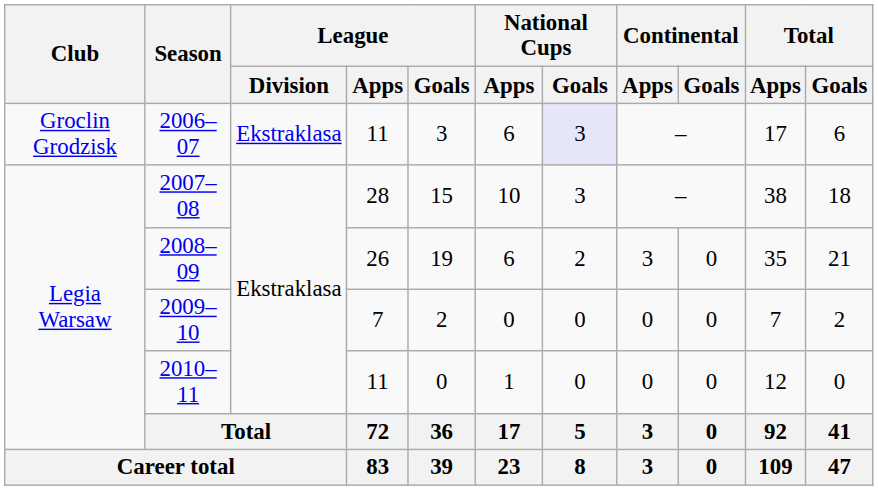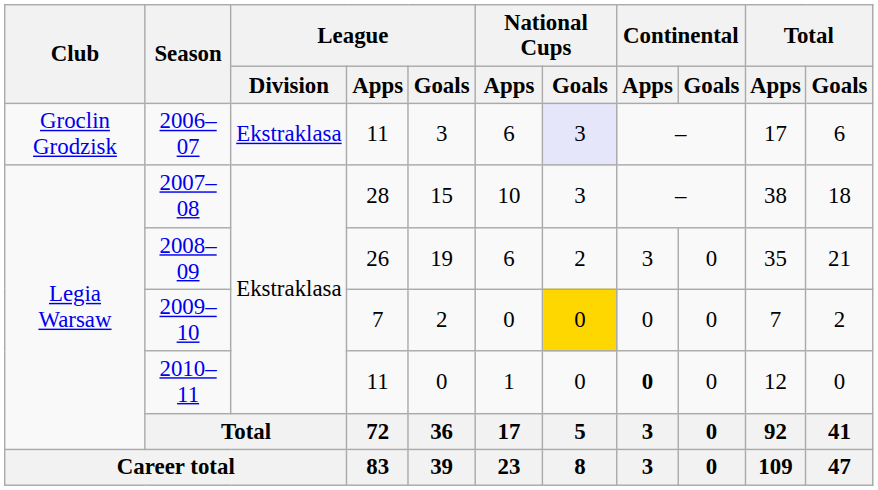 <table class="wikitable" style="text-align:center">
 <tr>
 <th rowspan="2">Club</th>
 <th rowspan="2">Season</th>
 <th colspan="3">League</th>
 <th colspan="2">National Cups</th>
 <th colspan="2">Continental</th>
 <th colspan="2">Total</th>
 </tr>
 <tr>
 <th>Division</th>
 <th>Apps</th>
 <th>Goals</th>
 <th>Apps</th>
 <th>Goals</th>
 <th>Apps</th>
 <th>Goals</th>
 <th>Apps</th>
 <th>Goals</th>
 </tr>
 <tr>
 <td><a href='#'>Groclin Grodzisk</a></td>
 <td><a href='#'>2006–07</a></td>
 <td><a href='#'>Ekstraklasa</a></td>
 <td>11</td>
 <td>3</td>
 <td>6</td>
 <td style="background: lavender;">3</td>
 <td colspan="2">–</td>
 <td>17</td>
 <td>6</td>
 </tr>
 <tr>
 <td rowspan="5"><a href='#'>Legia Warsaw</a></td>
 <td><a href='#'>2007–08</a></td>
 <td rowspan="4">Ekstraklasa</td>
 <td>28</td>
 <td>15</td>
 <td>10</td>
 <td>3</td>
 <td colspan="2">–</td>
 <td>38</td>
 <td>18</td>
 </tr>
 <tr>
 <td><a href='#'>2008–09</a></td>
 <td>26</td>
 <td>19</td>
 <td>6</td>
 <td>2</td>
 <td>3</td>
 <td>0</td>
 <td>35</td>
 <td>21</td>
 </tr>
 <tr>
 <td><a href='#'>2009–10</a></td>
 <td>7</td>
 <td>2</td>
 <td>0</td>
-<td>0</td>
+<td style="background: gold;">0</td>
 <td>0</td>
 <td>0</td>
 <td>7</td>
 <td>2</td>
 </tr>
 <tr>
 <td><a href='#'>2010–11</a></td>
 <td>11</td>
 <td>0</td>
 <td>1</td>
 <td>0</td>
-<td>0</td>
+<td><strong>0</strong></td>
 <td>0</td>
 <td>12</td>
 <td>0</td>
 </tr>
 <tr>
 <th colspan="2">Total</th>
 <th>72</th>
 <th>36</th>
 <th>17</th>
 <th>5</th>
 <th>3</th>
 <th>0</th>
 <th>92</th>
 <th>41</th>
 </tr>
 <tr>
 <th colspan="3">Career total</th>
 <th>83</th>
 <th>39</th>
 <th>23</th>
 <th>8</th>
 <th>3</th>
 <th>0</th>
 <th>109</th>
 <th>47</th>
 </tr>
 </table>
